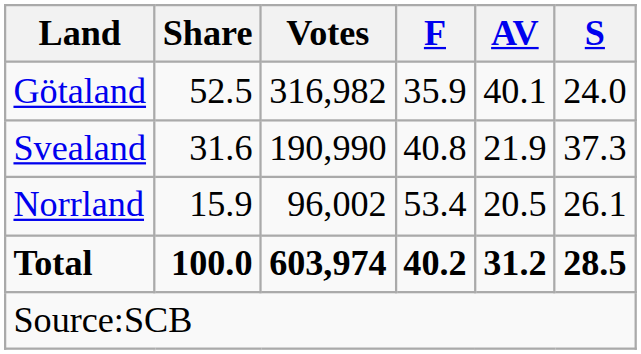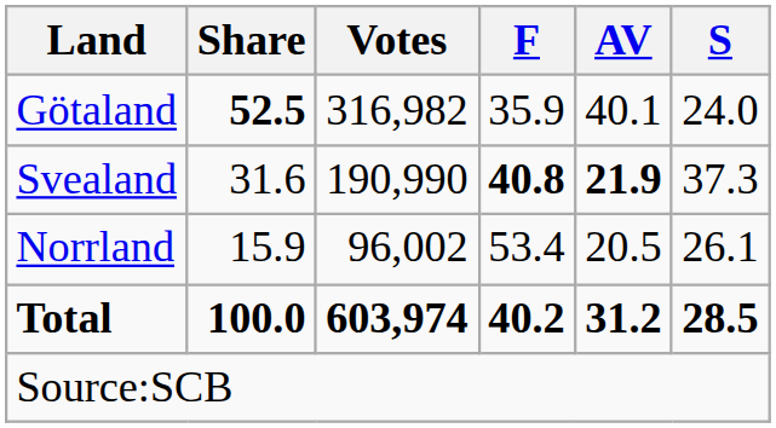 <table class="wikitable sortable" style=text-align:right>
 <tr>
 <th>Land</th>
 <th>Share</th>
 <th>Votes</th>
 <th><a href='#'>F</a></th>
 <th><a href='#'>AV</a></th>
 <th><a href='#'>S</a></th>
 </tr>
 <tr>
 <td align=left><a href='#'>Götaland</a></td>
-<td>52.5</td>
+<td><strong>52.5</strong></td>
 <td>316,982</td>
 <td>35.9</td>
 <td>40.1</td>
 <td>24.0</td>
 </tr>
 <tr>
 <td align=left><a href='#'>Svealand</a></td>
 <td>31.6</td>
 <td>190,990</td>
-<td>40.8</td>
-<td>21.9</td>
+<td><strong>40.8</strong></td>
+<td><strong>21.9</strong></td>
 <td>37.3</td>
 </tr>
 <tr>
 <td align=left><a href='#'>Norrland</a></td>
 <td>15.9</td>
 <td>96,002</td>
 <td>53.4</td>
 <td>20.5</td>
 <td>26.1</td>
 </tr>
 <tr>
 <td align=left><strong>Total</strong></td>
 <td><strong>100.0</strong></td>
 <td><strong>603,974</strong></td>
 <td><strong>40.2</strong></td>
 <td><strong>31.2</strong></td>
 <td><strong>28.5</strong></td>
 </tr>
 <tr>
 <td align=left colspan=6>Source:SCB </td>
 </tr>
 </table>
